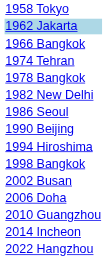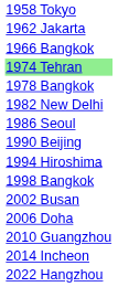 <table>
 <tr>
 <td rowspan=2><a href='#'>1958 Tokyo</a></td>
 <td rowspan=2></td>
 <td rowspan=2></td>
 <td></td>
 </tr>
 <tr>
 <td></td>
 </tr>
 <tr>
-<td style="background: lightblue;"><a href='#'>1962 Jakarta</a></td>
+<td><a href='#'>1962 Jakarta</a></td>
 <td></td>
 <td></td>
 <td></td>
 </tr>
 <tr>
 <td rowspan=2><a href='#'>1966 Bangkok</a></td>
 <td rowspan=2></td>
 <td rowspan=2></td>
 <td></td>
 </tr>
 <tr>
 <td></td>
 </tr>
 <tr>
-<td><a href='#'>1974 Tehran</a></td>
+<td style="background: lightgreen;"><a href='#'>1974 Tehran</a></td>
 <td></td>
 <td></td>
 <td></td>
 </tr>
 <tr>
 <td rowspan=2><a href='#'>1978 Bangkok</a></td>
 <td rowspan=2></td>
 <td rowspan=2></td>
 <td></td>
 </tr>
 <tr>
 <td></td>
 </tr>
 <tr>
 <td rowspan=2><a href='#'>1982 New Delhi</a></td>
 <td rowspan=2></td>
 <td rowspan=2></td>
 <td></td>
 </tr>
 <tr>
 <td></td>
 </tr>
 <tr>
 <td rowspan=2><a href='#'>1986 Seoul</a></td>
 <td rowspan=2></td>
 <td rowspan=2></td>
 <td></td>
 </tr>
 <tr>
 <td></td>
 </tr>
 <tr>
 <td rowspan=2><a href='#'>1990 Beijing</a></td>
 <td rowspan=2></td>
 <td rowspan=2></td>
 <td></td>
 </tr>
 <tr>
 <td></td>
 </tr>
 <tr>
 <td rowspan=2><a href='#'>1994 Hiroshima</a></td>
 <td rowspan=2></td>
 <td rowspan=2></td>
 <td></td>
 </tr>
 <tr>
 <td></td>
 </tr>
 <tr>
 <td rowspan=2><a href='#'>1998 Bangkok</a></td>
 <td rowspan=2></td>
 <td rowspan=2></td>
 <td></td>
 </tr>
 <tr>
 <td></td>
 </tr>
 <tr>
 <td rowspan=2><a href='#'>2002 Busan</a></td>
 <td rowspan=2></td>
 <td rowspan=2></td>
 <td></td>
 </tr>
 <tr>
 <td></td>
 </tr>
 <tr>
 <td rowspan=2><a href='#'>2006 Doha</a></td>
 <td rowspan=2></td>
 <td rowspan=2></td>
 <td></td>
 </tr>
 <tr>
 <td></td>
 </tr>
 <tr>
 <td rowspan=2><a href='#'>2010 Guangzhou</a></td>
 <td rowspan=2></td>
 <td rowspan=2></td>
 <td></td>
 </tr>
 <tr>
 <td></td>
 </tr>
 <tr>
 <td rowspan=2><a href='#'>2014 Incheon</a></td>
 <td rowspan=2></td>
 <td rowspan=2></td>
 <td></td>
 </tr>
 <tr>
 <td></td>
 </tr>
 <tr>
 <td rowspan=2><a href='#'>2022 Hangzhou</a></td>
 <td rowspan=2></td>
 <td rowspan=2></td>
 <td></td>
 </tr>
 <tr>
 <td></td>
 </tr>
 </table>
